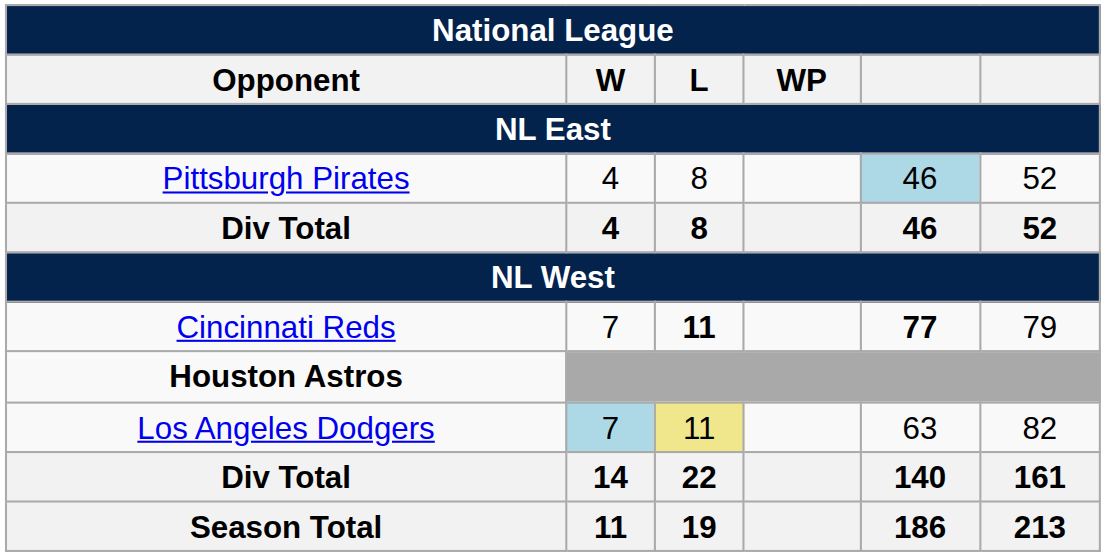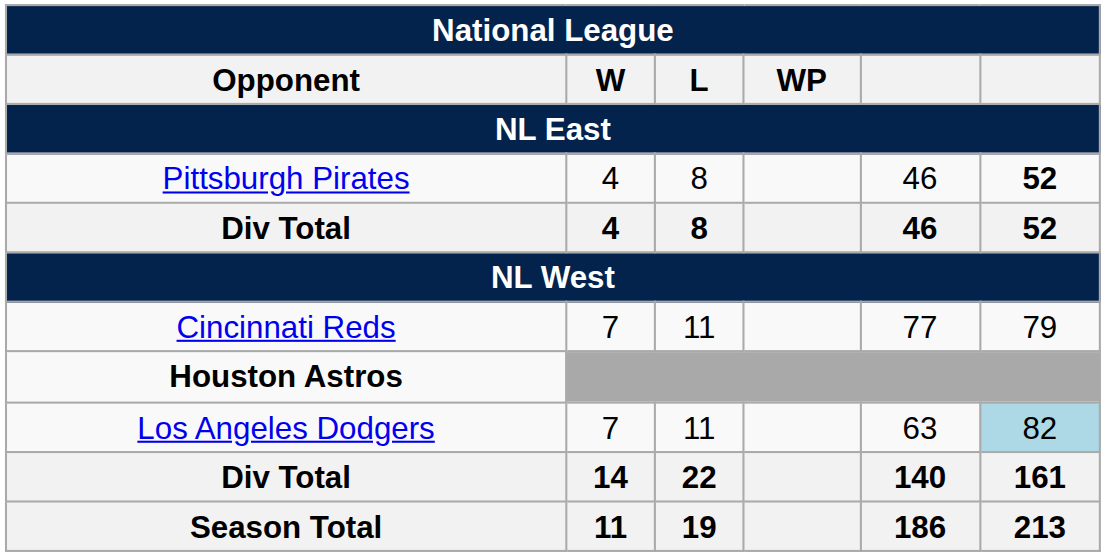 <table class="wikitable" style="margin:1em auto; font-size:95%; text-align:center; width:35em;">
 <tr>
 <th colspan="7" style="background:#03224c; color:#ffffff;">National League</th>
 </tr>
 <tr>
 <th>Opponent</th>
 <th>W</th>
 <th>L</th>
 <th>WP</th>
 <th></th>
 <th></th>
 </tr>
 <tr>
 <th colspan="7" style="background:#03224c; color:#ffffff;">NL East</th>
 </tr>
 <tr>
 <td><a href='#'><span>Pittsburgh Pirates</span></a></td>
 <td>4</td>
 <td>8</td>
 <td></td>
-<td style="background: lightblue;">46</td>
-<td>52</td>
+<td>46</td>
+<td><strong>52</strong></td>
 </tr>
 <tr>
 <th>Div Total</th>
 <th>4</th>
 <th>8</th>
 <th></th>
 <th>46</th>
 <th>52</th>
 </tr>
 <tr>
 <th colspan="7" style="background:#03224c; color:#ffffff;">NL West</th>
 </tr>
 <tr>
 <td><a href='#'><span>Cincinnati Reds</span></a></td>
 <td>7</td>
-<td><strong>11</strong></td>
+<td>11</td>
 <td></td>
-<td><strong>77</strong></td>
+<td>77</td>
 <td>79</td>
 </tr>
 <tr>
 <td><span><strong>Houston Astros</strong></span></td>
 <td colspan=5 style="background:darkgray;"></td>
 </tr>
 <tr>
 <td><a href='#'><span>Los Angeles Dodgers</span></a></td>
-<td style="background: lightblue;">7</td>
-<td style="background: khaki;">11</td>
+<td>7</td>
+<td>11</td>
 <td></td>
 <td>63</td>
-<td>82</td>
+<td style="background: lightblue;">82</td>
 </tr>
 <tr>
 <th>Div Total</th>
 <th>14</th>
 <th>22</th>
 <th></th>
 <th>140</th>
 <th>161</th>
 </tr>
 <tr>
 <th>Season Total</th>
 <th>11</th>
 <th>19</th>
 <th></th>
 <th>186</th>
 <th>213</th>
 </tr>
 </table>
